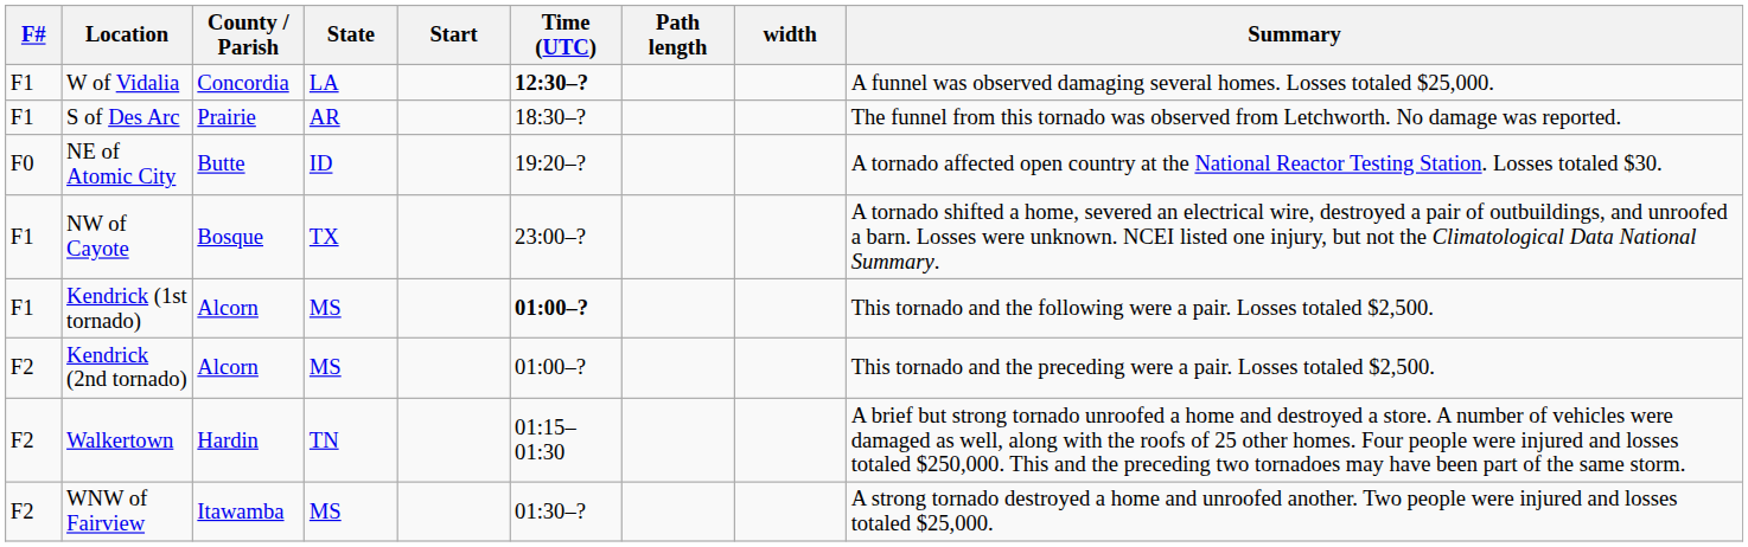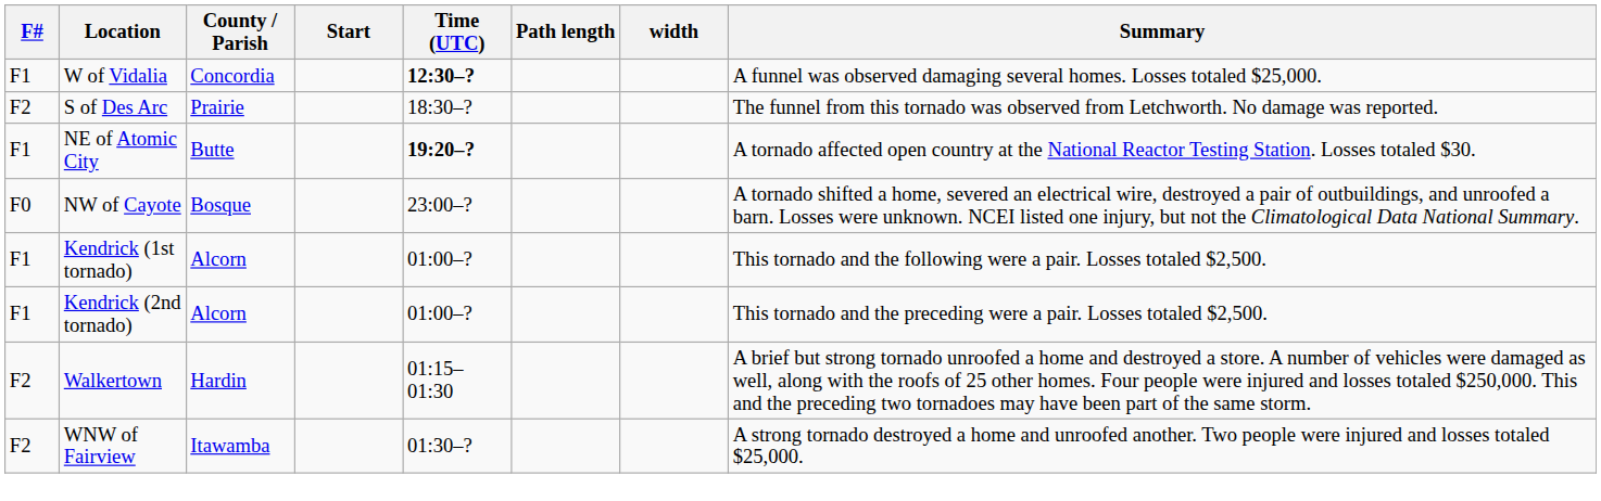 <table class="wikitable sortable" style="width:100%;">
 <tr>
 <th scope="col"  style="width:3%; text-align:center;"><a href='#'>F#</a></th>
 <th scope="col"  style="width:7%; text-align:center;" class="unsortable">Location</th>
 <th scope="col"  style="width:6%; text-align:center;" class="unsortable">County / Parish</th>
-<th scope="col"  style="width:5%; text-align:center;">State</th>
 <th scope="col"  style="width:6%; text-align:center;">Start<br></th>
 <th scope="col"  style="width:6%; text-align:center;">Time (<a href='#'>UTC</a>)</th>
 <th scope="col"  style="width:6%; text-align:center;">Path length</th>
 <th scope="col"  style="width:6%; text-align:center;"> width</th>
 <th scope="col" class="unsortable" style="width:48%; text-align:center;">Summary</th>
 </tr>
 <tr>
 <td>F1</td>
 <td>W of <a href='#'>Vidalia</a></td>
 <td><a href='#'>Concordia</a></td>
-<td><a href='#'>LA</a></td>
 <td></td>
 <td><strong>12:30–?</strong></td>
 <td></td>
 <td></td>
 <td>A funnel was observed damaging several homes. Losses totaled $25,000.</td>
 </tr>
 <tr>
-<td>F1</td>
+<td>F2</td>
 <td>S of <a href='#'>Des Arc</a></td>
 <td><a href='#'>Prairie</a></td>
-<td><a href='#'>AR</a></td>
 <td></td>
 <td>18:30–?</td>
 <td></td>
 <td></td>
 <td>The funnel from this tornado was observed from Letchworth. No damage was reported.</td>
 </tr>
 <tr>
-<td>F0</td>
+<td>F1</td>
 <td>NE of <a href='#'>Atomic City</a></td>
 <td><a href='#'>Butte</a></td>
-<td><a href='#'>ID</a></td>
 <td></td>
-<td>19:20–?</td>
+<td><strong>19:20–?</strong></td>
 <td></td>
 <td></td>
 <td>A tornado affected open country at the <a href='#'>National Reactor Testing Station</a>. Losses totaled $30.</td>
 </tr>
 <tr>
-<td>F1</td>
+<td>F0</td>
 <td>NW of <a href='#'>Cayote</a></td>
 <td><a href='#'>Bosque</a></td>
-<td><a href='#'>TX</a></td>
 <td></td>
 <td>23:00–?</td>
 <td></td>
 <td></td>
 <td>A tornado shifted a home, severed an electrical wire, destroyed a pair of outbuildings, and unroofed a barn. Losses were unknown. NCEI listed one injury, but not the <em>Climatological Data National Summary</em>.</td>
 </tr>
 <tr>
 <td>F1</td>
 <td><a href='#'>Kendrick</a> (1st tornado)</td>
 <td><a href='#'>Alcorn</a></td>
-<td><a href='#'>MS</a></td>
 <td></td>
-<td><strong>01:00–?</strong></td>
+<td>01:00–?</td>
 <td></td>
 <td></td>
 <td>This tornado and the following were a pair. Losses totaled $2,500.</td>
 </tr>
 <tr>
-<td>F2</td>
+<td>F1</td>
 <td><a href='#'>Kendrick</a> (2nd tornado)</td>
 <td><a href='#'>Alcorn</a></td>
-<td><a href='#'>MS</a></td>
 <td></td>
 <td>01:00–?</td>
 <td></td>
 <td></td>
 <td>This tornado and the preceding were a pair. Losses totaled $2,500.</td>
 </tr>
 <tr>
 <td>F2</td>
 <td><a href='#'>Walkertown</a></td>
 <td><a href='#'>Hardin</a></td>
-<td><a href='#'>TN</a></td>
 <td></td>
 <td>01:15–01:30</td>
 <td></td>
 <td></td>
 <td>A brief but strong tornado unroofed a home and destroyed a store. A number of vehicles were damaged as well, along with the roofs of 25 other homes. Four people were injured and losses totaled $250,000. This and the preceding two tornadoes may have been part of the same storm.</td>
 </tr>
 <tr>
 <td>F2</td>
 <td>WNW of <a href='#'>Fairview</a></td>
 <td><a href='#'>Itawamba</a></td>
-<td><a href='#'>MS</a></td>
 <td></td>
 <td>01:30–?</td>
 <td></td>
 <td></td>
 <td>A strong tornado destroyed a home and unroofed another. Two people were injured and losses totaled $25,000.</td>
 </tr>
 </table>
